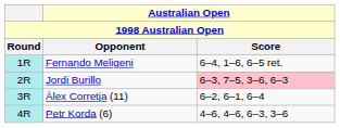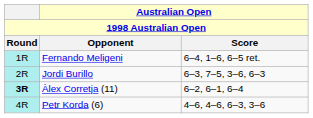 <table class="wikitable collapsible collapsed">
 <tr>
 <th></th>
 <th colspan=2 style="background:#ffc;"><a href='#'>Australian Open</a></th>
 </tr>
 <tr>
 <th colspan=3 style="background:#ffc;"><a href='#'>1998 Australian Open</a></th>
 </tr>
 <tr>
 <th>Round</th>
 <th width=225>Opponent</th>
 <th width=200>Score</th>
 </tr>
 <tr>
 <td style="text-align:center; background:#afeeee;">1R</td>
 <td> <a href='#'>Fernando Meligeni</a></td>
 <td>6–4, 1–6, 6–5 ret.</td>
 </tr>
 <tr>
 <td style="text-align:center; background:#afeeee;">2R</td>
 <td> <a href='#'>Jordi Burillo</a></td>
-<td style="background: pink;">6–3, 7–5, 3–6, 6–3</td>
+<td>6–3, 7–5, 3–6, 6–3</td>
 </tr>
 <tr>
-<td style="text-align:center; background:#afeeee;">3R</td>
+<td style="text-align:center; background:#afeeee;"><strong>3R</strong></td>
 <td> <a href='#'>Àlex Corretja</a> (11)</td>
 <td>6–2, 6–1, 6–4</td>
 </tr>
 <tr>
 <td style="text-align:center; background:#afeeee;">4R</td>
 <td> <a href='#'>Petr Korda</a> (6)</td>
 <td>4–6, 4–6, 6–3, 3–6</td>
 </tr>
 </table>
